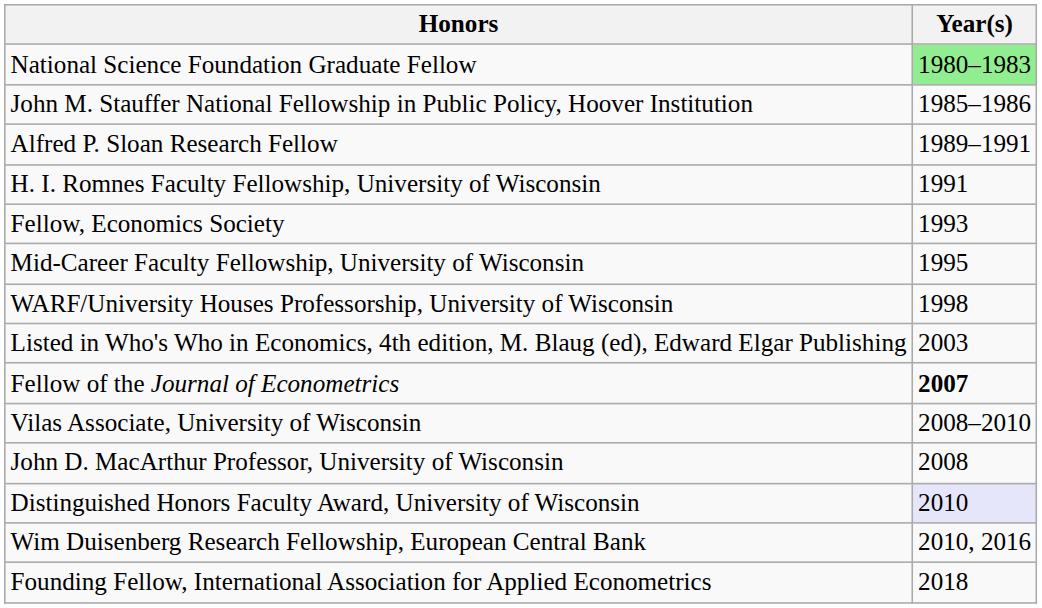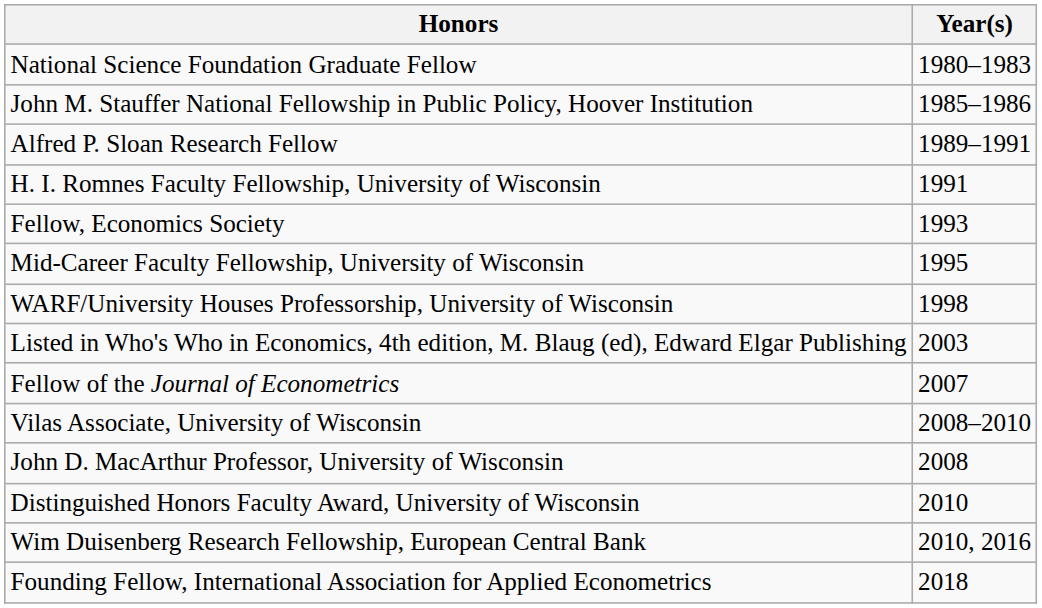 <table class="wikitable">
 <tr>
 <th>Honors</th>
 <th>Year(s)</th>
 </tr>
 <tr>
 <td>National Science Foundation Graduate Fellow</td>
-<td style="background: lightgreen;">1980–1983</td>
+<td>1980–1983</td>
 </tr>
 <tr>
 <td>John M. Stauffer National Fellowship in Public Policy, Hoover Institution</td>
 <td>1985–1986</td>
 </tr>
 <tr>
 <td>Alfred P. Sloan Research Fellow</td>
 <td>1989–1991</td>
 </tr>
 <tr>
 <td>H. I. Romnes Faculty Fellowship, University of Wisconsin</td>
 <td>1991</td>
 </tr>
 <tr>
 <td>Fellow, Economics Society</td>
 <td>1993</td>
 </tr>
 <tr>
 <td>Mid-Career Faculty Fellowship, University of Wisconsin</td>
 <td>1995</td>
 </tr>
 <tr>
 <td>WARF/University Houses Professorship, University of Wisconsin</td>
 <td>1998</td>
 </tr>
 <tr>
 <td>Listed in Who's Who in Economics, 4th edition, M. Blaug (ed), Edward Elgar Publishing</td>
 <td>2003</td>
 </tr>
 <tr>
 <td>Fellow of the <em>Journal of Econometrics</em></td>
-<td><strong>2007</strong></td>
+<td>2007</td>
 </tr>
 <tr>
 <td>Vilas Associate, University of Wisconsin</td>
 <td>2008–2010</td>
 </tr>
 <tr>
 <td>John D. MacArthur Professor, University of Wisconsin</td>
 <td>2008</td>
 </tr>
 <tr>
 <td>Distinguished Honors Faculty Award, University of Wisconsin</td>
-<td style="background: lavender;">2010</td>
+<td>2010</td>
 </tr>
 <tr>
 <td>Wim Duisenberg Research Fellowship, European Central Bank</td>
 <td>2010, 2016</td>
 </tr>
 <tr>
 <td>Founding Fellow, International Association for Applied Econometrics</td>
 <td>2018</td>
 </tr>
 </table>
